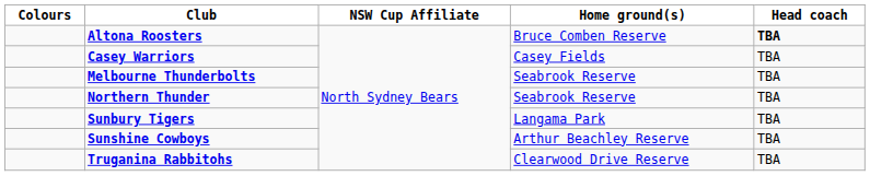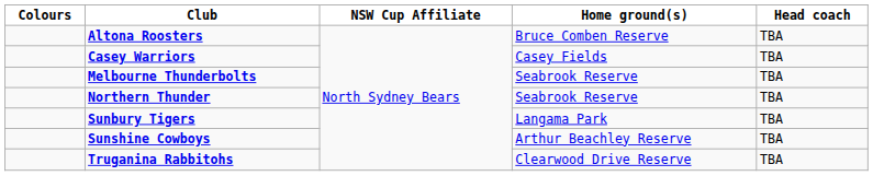 <table class="wikitable" style="width:100%; ">
 <tr>
 <th style="background:white">Colours</th>
 <th style="background:white">Club</th>
 <th style="background:white">NSW Cup Affiliate</th>
 <th style="background:white">Home ground(s)</th>
 <th style="background:white">Head coach</th>
 </tr>
 <tr>
 <td></td>
 <td><strong><a href='#'>Altona Roosters</a></strong></td>
 <td rowspan="7"> <a href='#'>North Sydney Bears</a></td>
 <td><a href='#'>Bruce Comben Reserve</a></td>
-<td><strong>TBA</strong></td>
+<td>TBA</td>
 </tr>
 <tr>
 <td></td>
 <td><strong><a href='#'>Casey Warriors</a></strong></td>
 <td><a href='#'>Casey Fields</a></td>
 <td>TBA</td>
 </tr>
 <tr>
 <td></td>
 <td><strong><a href='#'>Melbourne Thunderbolts</a></strong></td>
 <td><a href='#'>Seabrook Reserve</a></td>
 <td>TBA</td>
 </tr>
 <tr>
 <td></td>
 <td><strong><a href='#'>Northern Thunder</a></strong></td>
 <td><a href='#'>Seabrook Reserve</a></td>
 <td>TBA</td>
 </tr>
 <tr>
 <td></td>
 <td><strong><a href='#'>Sunbury Tigers</a></strong></td>
 <td><a href='#'>Langama Park</a></td>
 <td>TBA</td>
 </tr>
 <tr>
 <td></td>
 <td><strong><a href='#'>Sunshine Cowboys</a></strong></td>
 <td><a href='#'>Arthur Beachley Reserve</a></td>
 <td>TBA</td>
 </tr>
 <tr>
 <td></td>
 <td><strong><a href='#'>Truganina Rabbitohs</a></strong></td>
 <td><a href='#'>Clearwood Drive Reserve</a></td>
 <td>TBA</td>
 </tr>
 </table>
